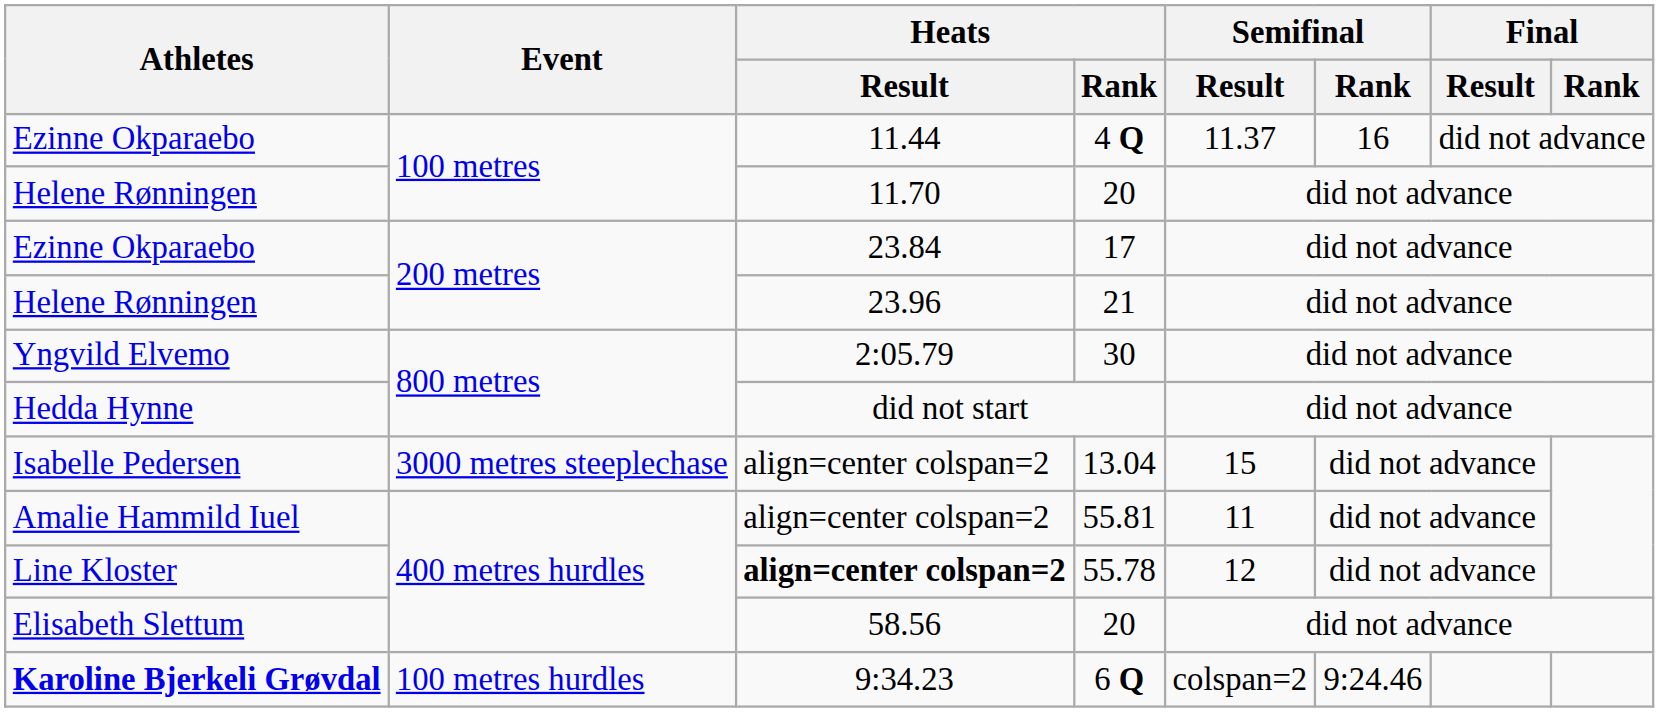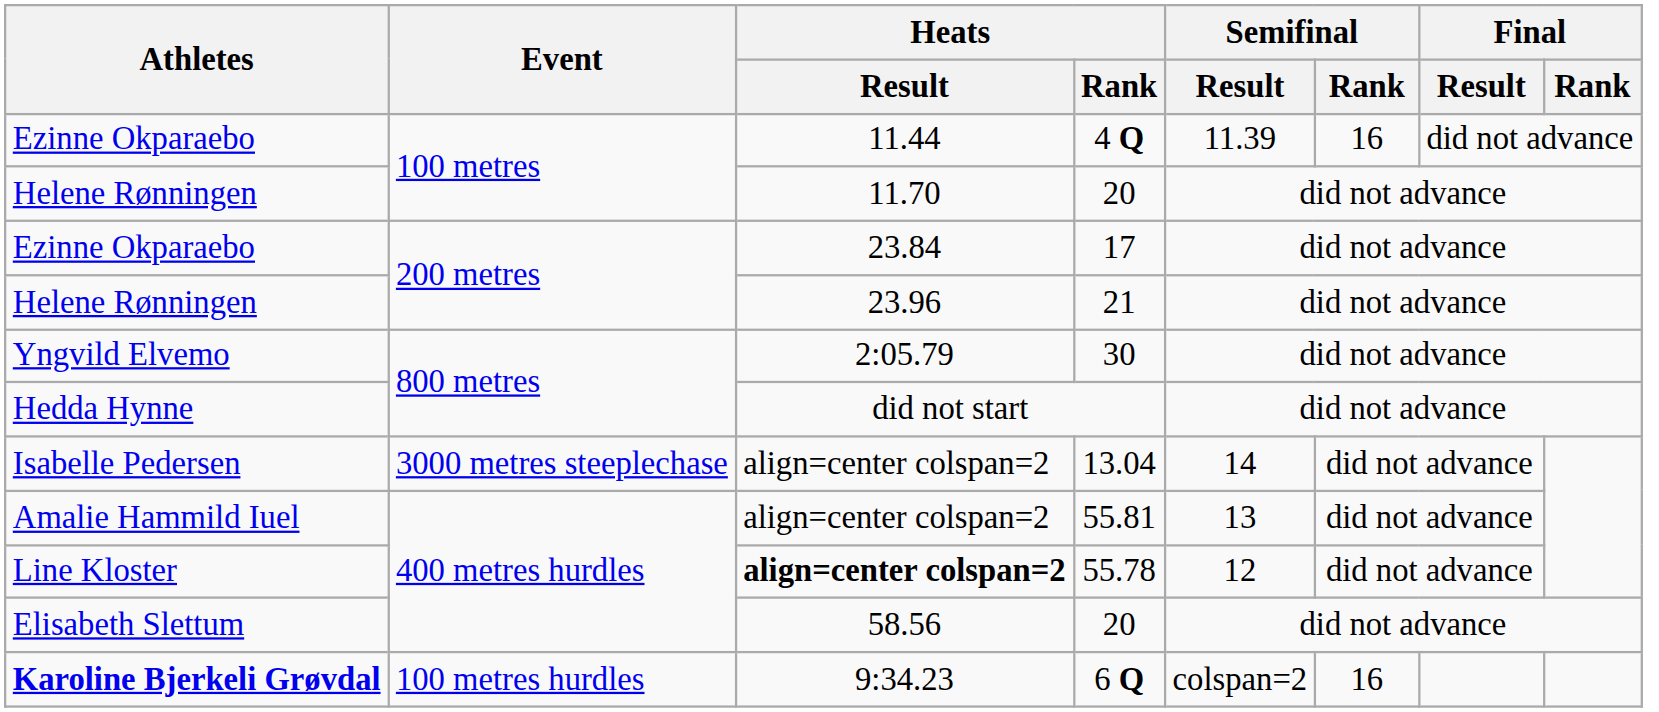 <table class="wikitable" border="1" style="font-size:90%">
 <tr>
 <th rowspan="2">Athletes</th>
 <th rowspan="2">Event</th>
 <th colspan="2">Heats</th>
 <th colspan="2">Semifinal</th>
 <th colspan="2">Final</th>
 </tr>
 <tr>
 <th>Result</th>
 <th>Rank</th>
 <th>Result</th>
 <th>Rank</th>
 <th>Result</th>
 <th>Rank</th>
 </tr>
 <tr>
 <td><a href='#'>Ezinne Okparaebo</a></td>
 <td rowspan=2><a href='#'>100 metres</a></td>
 <td align=center>11.44</td>
 <td align=center>4 <strong>Q</strong></td>
-<td align=center>11.37</td>
+<td align=center>11.39</td>
 <td align=center>16</td>
 <td align=center colspan=2>did not advance</td>
 </tr>
 <tr>
 <td><a href='#'>Helene Rønningen</a></td>
 <td align=center>11.70</td>
 <td align=center>20</td>
 <td align=center colspan=4>did not advance</td>
 </tr>
 <tr>
 <td><a href='#'>Ezinne Okparaebo</a></td>
 <td rowspan=2><a href='#'>200 metres</a></td>
 <td align=center>23.84</td>
 <td align=center>17</td>
 <td align=center colspan=4>did not advance</td>
 </tr>
 <tr>
 <td><a href='#'>Helene Rønningen</a></td>
 <td align=center>23.96</td>
 <td align=center>21</td>
 <td align=center colspan=4>did not advance</td>
 </tr>
 <tr>
 <td><a href='#'>Yngvild Elvemo</a></td>
 <td rowspan=2><a href='#'>800 metres</a></td>
 <td align=center>2:05.79</td>
 <td align=center>30</td>
 <td align=center colspan=4>did not advance</td>
 </tr>
 <tr>
 <td><a href='#'>Hedda Hynne</a></td>
 <td align=center colspan=2>did not start</td>
 <td align=center colspan=4>did not advance</td>
 </tr>
 <tr>
 <td><a href='#'>Isabelle Pedersen</a></td>
 <td><a href='#'>3000 metres steeplechase</a></td>
 <td>align=center colspan=2 </td>
 <td align=center>13.04</td>
-<td align=center>15</td>
+<td align=center>14</td>
 <td align=center colspan=2>did not advance</td>
 </tr>
 <tr>
 <td><a href='#'>Amalie Hammild Iuel</a></td>
 <td rowspan=3><a href='#'>400 metres hurdles</a></td>
 <td>align=center colspan=2 </td>
 <td align=center>55.81</td>
-<td align=center>11</td>
+<td align=center>13</td>
 <td align=center colspan=2>did not advance</td>
 </tr>
 <tr>
 <td><a href='#'>Line Kloster</a></td>
 <td><strong>align=center colspan=2 </strong></td>
 <td align=center>55.78</td>
 <td align=center>12</td>
 <td align=center colspan=2>did not advance</td>
 </tr>
 <tr>
 <td><a href='#'>Elisabeth Slettum</a></td>
 <td align=center>58.56</td>
 <td align=center>20</td>
 <td align=center colspan=4>did not advance</td>
 </tr>
 <tr>
 <td><strong><a href='#'>Karoline Bjerkeli Grøvdal</a></strong></td>
 <td><a href='#'>100 metres hurdles</a></td>
 <td align=center>9:34.23</td>
 <td align=center>6 <strong>Q</strong></td>
 <td>colspan=2 </td>
-<td align=center>9:24.46</td>
+<td align=center>16</td>
 <td align=center></td>
 </tr>
 </table>
